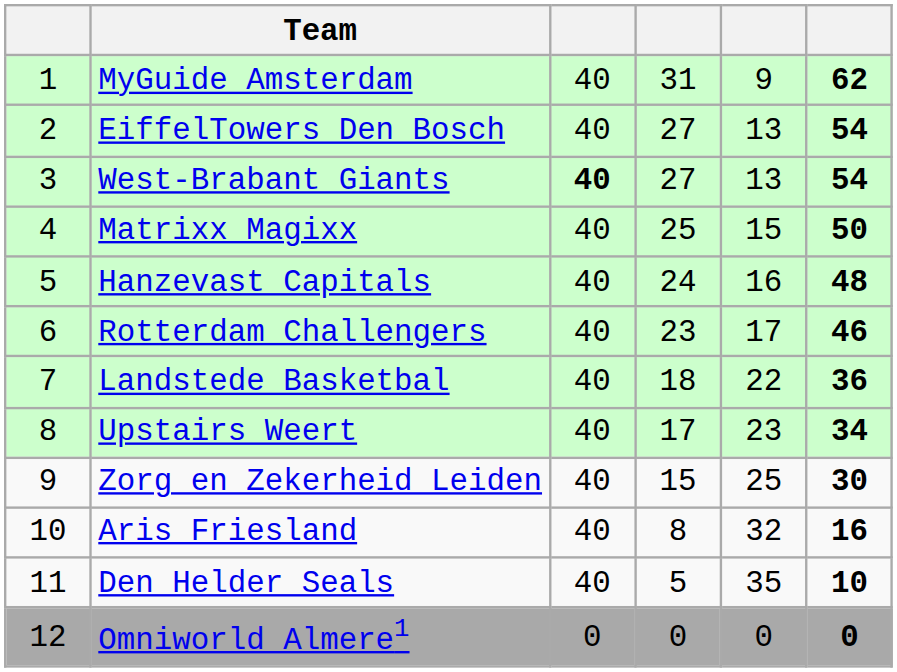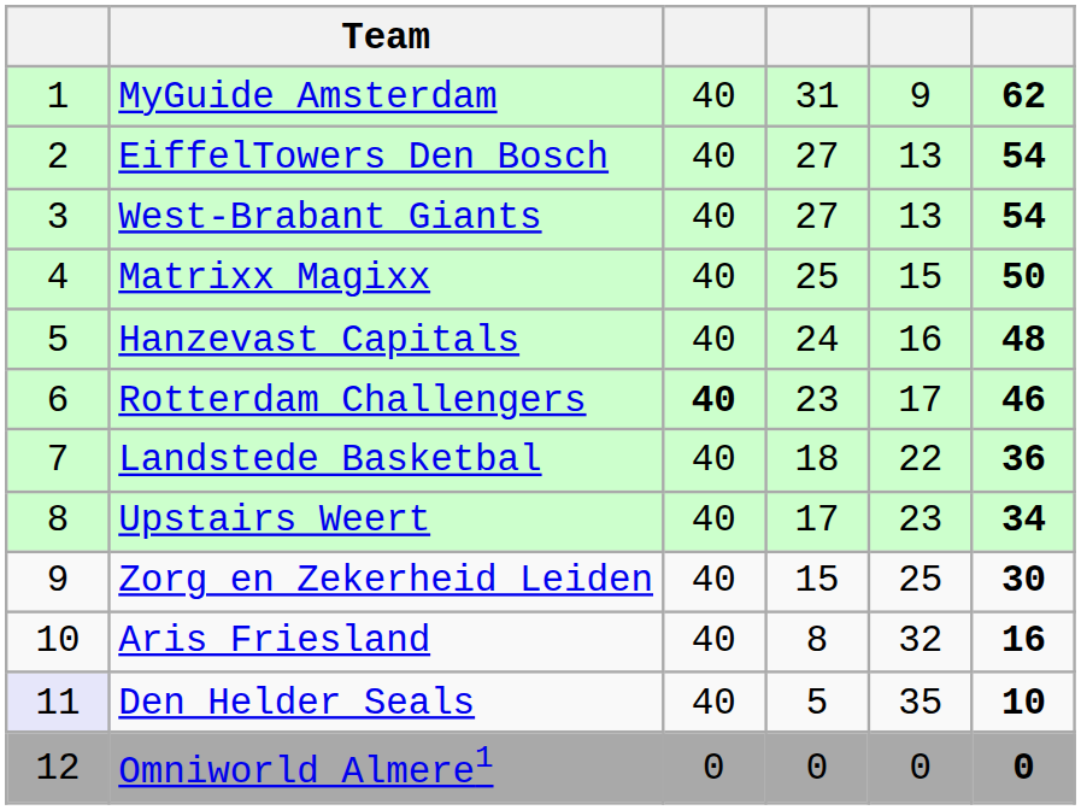 <table class="wikitable" style="text-align:center">
 <tr>
 <th width=30></th>
 <th>Team</th>
 <th width=30></th>
 <th width=30></th>
 <th width=30></th>
 <th width=30></th>
 </tr>
 <tr style="background:#cfc;">
 <td>1</td>
 <td align=left><a href='#'>MyGuide Amsterdam</a></td>
 <td>40</td>
 <td>31</td>
 <td>9</td>
 <td><strong>62</strong></td>
 </tr>
 <tr style="background:#cfc;">
 <td>2</td>
 <td align=left><a href='#'>EiffelTowers Den Bosch</a></td>
 <td>40</td>
 <td>27</td>
 <td>13</td>
 <td><strong>54</strong></td>
 </tr>
 <tr style="background:#cfc;">
 <td>3</td>
 <td align=left><a href='#'>West-Brabant Giants</a></td>
-<td><strong>40</strong></td>
+<td>40</td>
 <td>27</td>
 <td>13</td>
 <td><strong>54</strong></td>
 </tr>
 <tr style="background:#cfc;">
 <td>4</td>
 <td align=left><a href='#'>Matrixx Magixx</a></td>
 <td>40</td>
 <td>25</td>
 <td>15</td>
 <td><strong>50</strong></td>
 </tr>
 <tr style="background:#cfc;">
 <td>5</td>
 <td align=left><a href='#'>Hanzevast Capitals</a></td>
 <td>40</td>
 <td>24</td>
 <td>16</td>
 <td><strong>48</strong></td>
 </tr>
 <tr style="background:#cfc;">
 <td>6</td>
 <td align=left><a href='#'>Rotterdam Challengers</a></td>
-<td>40</td>
+<td><strong>40</strong></td>
 <td>23</td>
 <td>17</td>
 <td><strong>46</strong></td>
 </tr>
 <tr style="background:#cfc;">
 <td>7</td>
 <td align=left><a href='#'>Landstede Basketbal</a></td>
 <td>40</td>
 <td>18</td>
 <td>22</td>
 <td><strong>36</strong></td>
 </tr>
 <tr style="background:#cfc;">
 <td>8</td>
 <td align=left><a href='#'>Upstairs Weert</a></td>
 <td>40</td>
 <td>17</td>
 <td>23</td>
 <td><strong>34</strong></td>
 </tr>
 <tr>
 <td>9</td>
 <td align=left><a href='#'>Zorg en Zekerheid Leiden</a></td>
 <td>40</td>
 <td>15</td>
 <td>25</td>
 <td><strong>30</strong></td>
 </tr>
 <tr style="background:#;">
 <td>10</td>
 <td align=left><a href='#'>Aris Friesland</a></td>
 <td>40</td>
 <td>8</td>
 <td>32</td>
 <td><strong>16</strong></td>
 </tr>
 <tr>
-<td>11</td>
+<td style="background: lavender;">11</td>
 <td align=left><a href='#'>Den Helder Seals</a></td>
 <td>40</td>
 <td>5</td>
 <td>35</td>
 <td><strong>10</strong></td>
 </tr>
 <tr style="background:darkgrey">
 <td>12</td>
 <td align=left><a href='#'>Omniworld Almere<sup>1</sup></a></td>
 <td>0</td>
 <td>0</td>
 <td>0</td>
 <td><strong>0</strong></td>
 </tr>
 </table>
